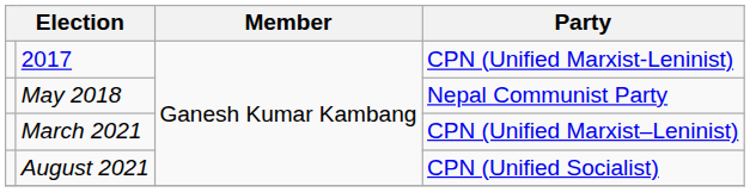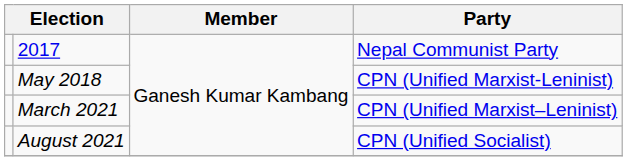 <table class="wikitable">
 <tr>
 <th colspan="2">Election</th>
 <th>Member</th>
 <th>Party</th>
 </tr>
 <tr>
 <td style="background-color:"></td>
 <td><a href='#'>2017</a></td>
 <td rowspan="4">Ganesh Kumar Kambang</td>
-<td><a href='#'>CPN (Unified Marxist-Leninist)</a></td>
+<td><a href='#'>Nepal Communist Party</a></td>
 </tr>
 <tr>
 <td style="background-color:"></td>
 <td><em>May 2018</em></td>
-<td><a href='#'>Nepal Communist Party</a></td>
+<td><a href='#'>CPN (Unified Marxist-Leninist)</a></td>
 </tr>
 <tr>
 <td style="background-color:"></td>
 <td><em>March 2021</em></td>
 <td><a href='#'>CPN (Unified Marxist–Leninist)</a></td>
 </tr>
 <tr>
 <td style="background-color:"></td>
 <td><em>August 2021</em></td>
 <td><a href='#'>CPN (Unified Socialist)</a></td>
 </tr>
 <tr>
 </tr>
 </table>
